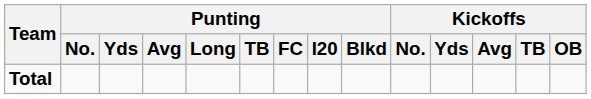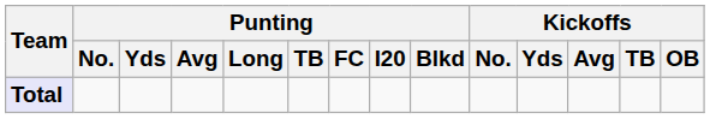 <table class="wikitable" style="white-space:nowrap;">
 <tr>
 <th rowspan="2">Team</th>
 <th colspan="8">Punting</th>
 <th colspan="5">Kickoffs</th>
 </tr>
 <tr>
 <th>No.</th>
 <th>Yds</th>
 <th>Avg</th>
 <th>Long</th>
 <th>TB</th>
 <th>FC</th>
 <th>I20</th>
 <th>Blkd</th>
 <th>No.</th>
 <th>Yds</th>
 <th>Avg</th>
 <th>TB</th>
 <th>OB</th>
 </tr>
 <tr>
-<td><strong>Total</strong></td>
+<td style="background: lavender;"><strong>Total</strong></td>
 <td></td>
 <td></td>
 <td></td>
 <td></td>
 <td></td>
 <td></td>
 <td></td>
 <td></td>
 <td></td>
 <td></td>
 <td></td>
 <td></td>
 <td></td>
 </tr>
 </table>
